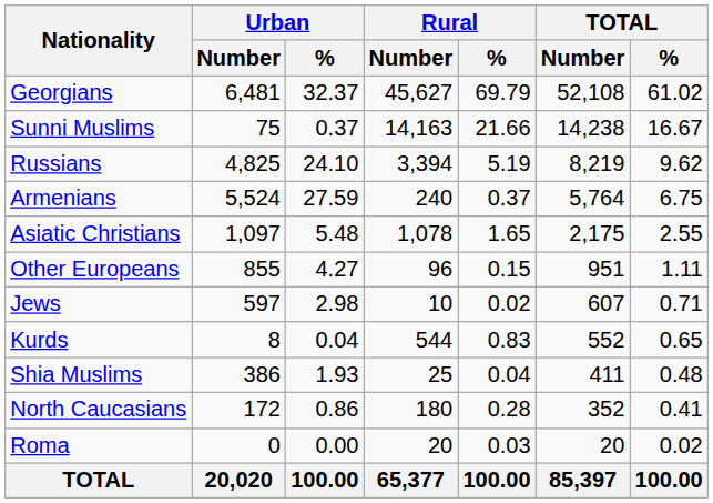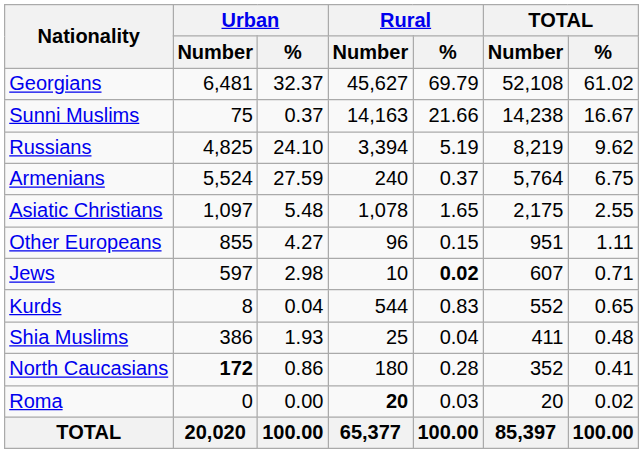 <table class="wikitable sortable">
 <tr>
 <th rowspan="2">Nationality</th>
 <th colspan="2"><a href='#'>Urban</a></th>
 <th colspan="2"><a href='#'>Rural</a></th>
 <th colspan="2">TOTAL</th>
 </tr>
 <tr>
 <th>Number</th>
 <th>%</th>
 <th>Number</th>
 <th>%</th>
 <th>Number</th>
 <th>%</th>
 </tr>
 <tr>
 <td><a href='#'>Georgians</a></td>
 <td align="right">6,481</td>
 <td align="right">32.37</td>
 <td align="right">45,627</td>
 <td align="right">69.79</td>
 <td align="right">52,108</td>
 <td align="right">61.02</td>
 </tr>
 <tr>
 <td><a href='#'>Sunni Muslims</a></td>
 <td align="right">75</td>
 <td align="right">0.37</td>
 <td align="right">14,163</td>
 <td align="right">21.66</td>
 <td align="right">14,238</td>
 <td align="right">16.67</td>
 </tr>
 <tr>
 <td><a href='#'>Russians</a></td>
 <td align="right">4,825</td>
 <td align="right">24.10</td>
 <td align="right">3,394</td>
 <td align="right">5.19</td>
 <td align="right">8,219</td>
 <td align="right">9.62</td>
 </tr>
 <tr>
 <td><a href='#'>Armenians</a></td>
 <td align="right">5,524</td>
 <td align="right">27.59</td>
 <td align="right">240</td>
 <td align="right">0.37</td>
 <td align="right">5,764</td>
 <td align="right">6.75</td>
 </tr>
 <tr>
 <td><a href='#'>Asiatic Christians</a></td>
 <td align="right">1,097</td>
 <td align="right">5.48</td>
 <td align="right">1,078</td>
 <td align="right">1.65</td>
 <td align="right">2,175</td>
 <td align="right">2.55</td>
 </tr>
 <tr>
 <td><a href='#'>Other Europeans</a></td>
 <td align="right">855</td>
 <td align="right">4.27</td>
 <td align="right">96</td>
 <td align="right">0.15</td>
 <td align="right">951</td>
 <td align="right">1.11</td>
 </tr>
 <tr>
 <td><a href='#'>Jews</a></td>
 <td align="right">597</td>
 <td align="right">2.98</td>
 <td align="right">10</td>
-<td align="right">0.02</td>
+<td align="right"><strong>0.02</strong></td>
 <td align="right">607</td>
 <td align="right">0.71</td>
 </tr>
 <tr>
 <td><a href='#'>Kurds</a></td>
 <td align="right">8</td>
 <td align="right">0.04</td>
 <td align="right">544</td>
 <td align="right">0.83</td>
 <td align="right">552</td>
 <td align="right">0.65</td>
 </tr>
 <tr>
 <td><a href='#'>Shia Muslims</a></td>
 <td align="right">386</td>
 <td align="right">1.93</td>
 <td align="right">25</td>
 <td align="right">0.04</td>
 <td align="right">411</td>
 <td align="right">0.48</td>
 </tr>
 <tr>
 <td><a href='#'>North Caucasians</a></td>
-<td align="right">172</td>
+<td align="right"><strong>172</strong></td>
 <td align="right">0.86</td>
 <td align="right">180</td>
 <td align="right">0.28</td>
 <td align="right">352</td>
 <td align="right">0.41</td>
 </tr>
 <tr>
 <td><a href='#'>Roma</a></td>
 <td align="right">0</td>
 <td align="right">0.00</td>
-<td align="right">20</td>
+<td align="right"><strong>20</strong></td>
 <td align="right">0.03</td>
 <td align="right">20</td>
 <td align="right">0.02</td>
 </tr>
 <tr>
 <th>TOTAL</th>
 <th>20,020</th>
 <th>100.00</th>
 <th>65,377</th>
 <th>100.00</th>
 <th>85,397</th>
 <th>100.00</th>
 </tr>
 </table>
